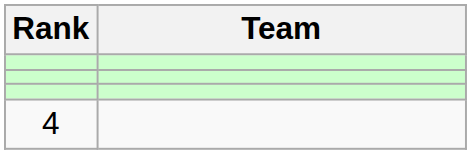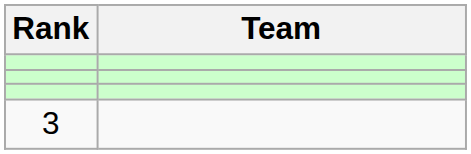 <table class=wikitable style="text-align:center;">
 <tr>
 <th>Rank</th>
 <th width=180>Team</th>
 </tr>
 <tr bgcolor=#CCFFCC>
 <td></td>
 <td align=left></td>
 </tr>
 <tr bgcolor=#CCFFCC>
 <td></td>
 <td align=left></td>
 </tr>
 <tr bgcolor=#CCFFCC>
 <td></td>
 <td align=left></td>
 </tr>
 <tr>
-<td>4</td>
+<td>3</td>
 <td align=left></td>
 </tr>
 </table>
